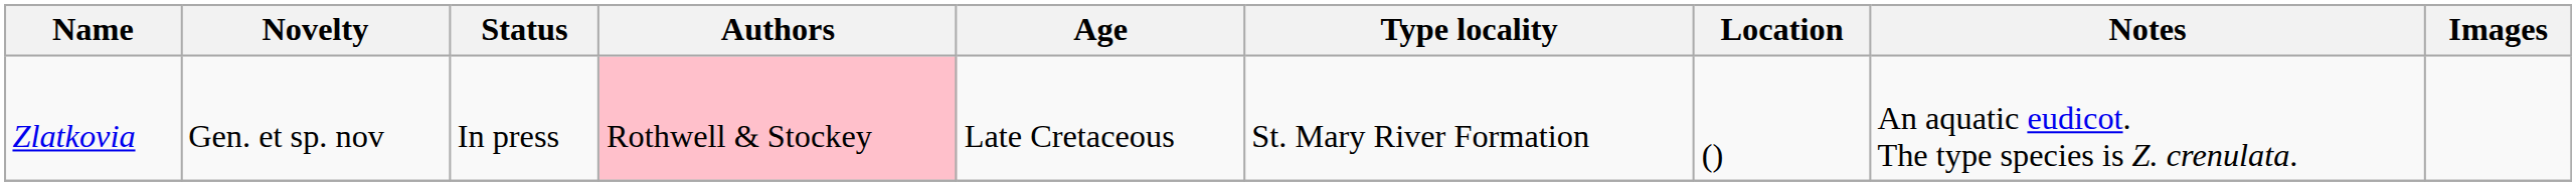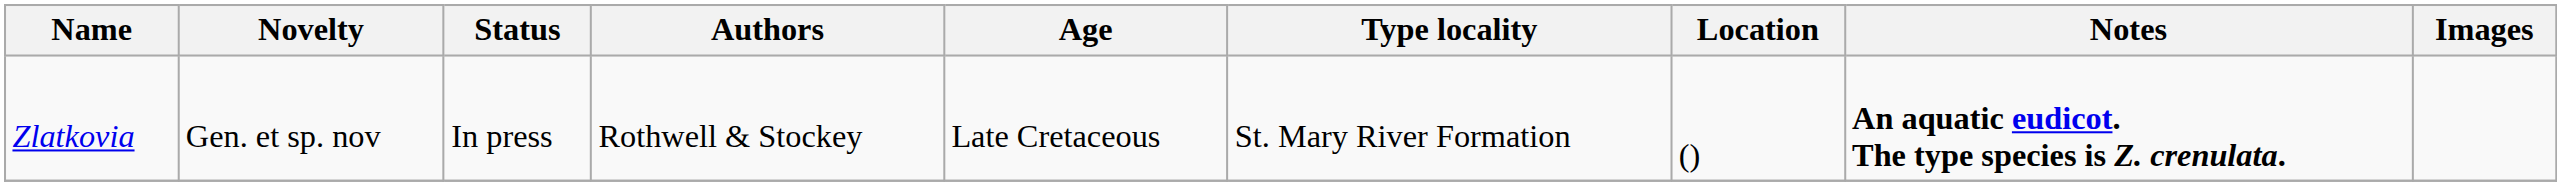 <table class="wikitable sortable" align="center" width="100%">
 <tr>
 <th>Name</th>
 <th>Novelty</th>
 <th>Status</th>
 <th>Authors</th>
 <th>Age</th>
 <th>Type locality</th>
 <th>Location</th>
 <th>Notes</th>
 <th>Images</th>
 </tr>
 <tr>
 <td><br><em><a href='#'>Zlatkovia</a></em></td>
 <td><br>Gen. et sp. nov</td>
 <td><br>In press</td>
-<td style="background: pink;"><br>Rothwell & Stockey</td>
+<td><br>Rothwell & Stockey</td>
 <td><br>Late Cretaceous</td>
 <td><br>St. Mary River Formation</td>
 <td><br><br>()</td>
-<td><br>An aquatic <a href='#'>eudicot</a>.<br> The type species is <em>Z. crenulata</em>.</td>
+<td><strong><br>An aquatic <a href='#'>eudicot</a>.<br> The type species is <em>Z. crenulata</em>.</strong></td>
 <td></td>
 </tr>
 <tr>
 </tr>
 </table>
